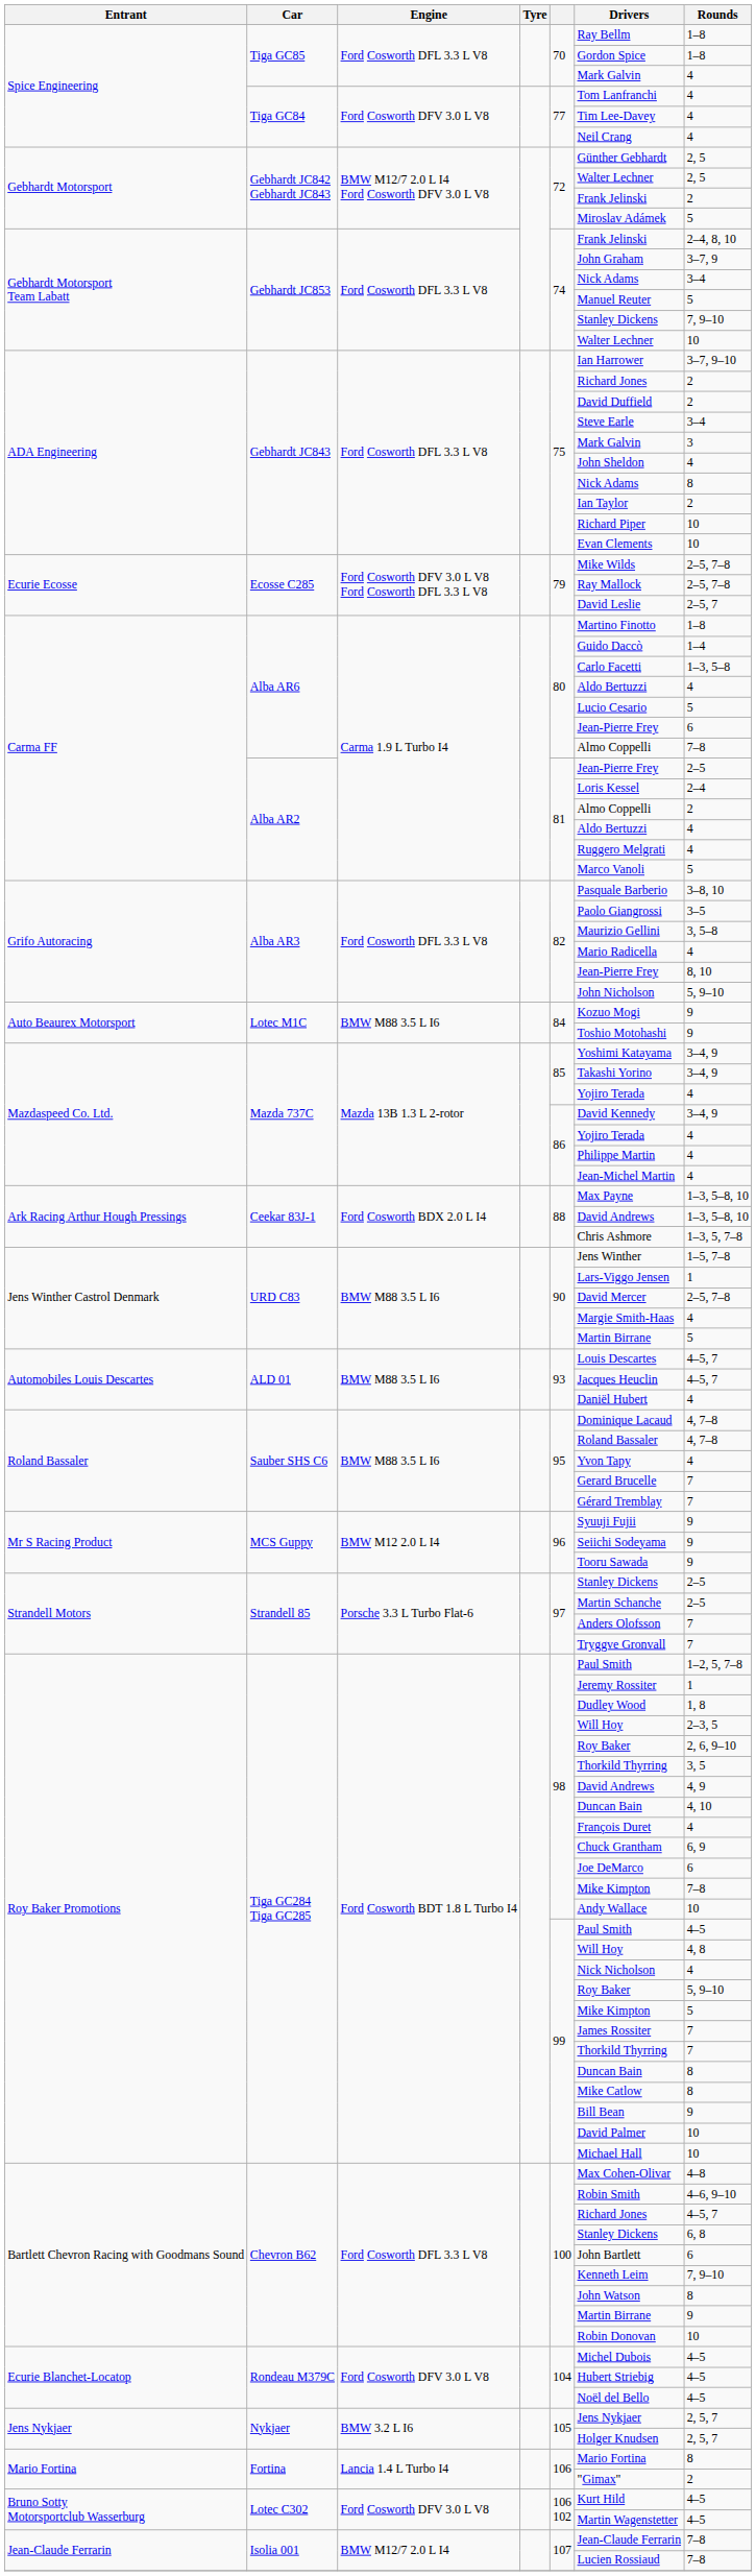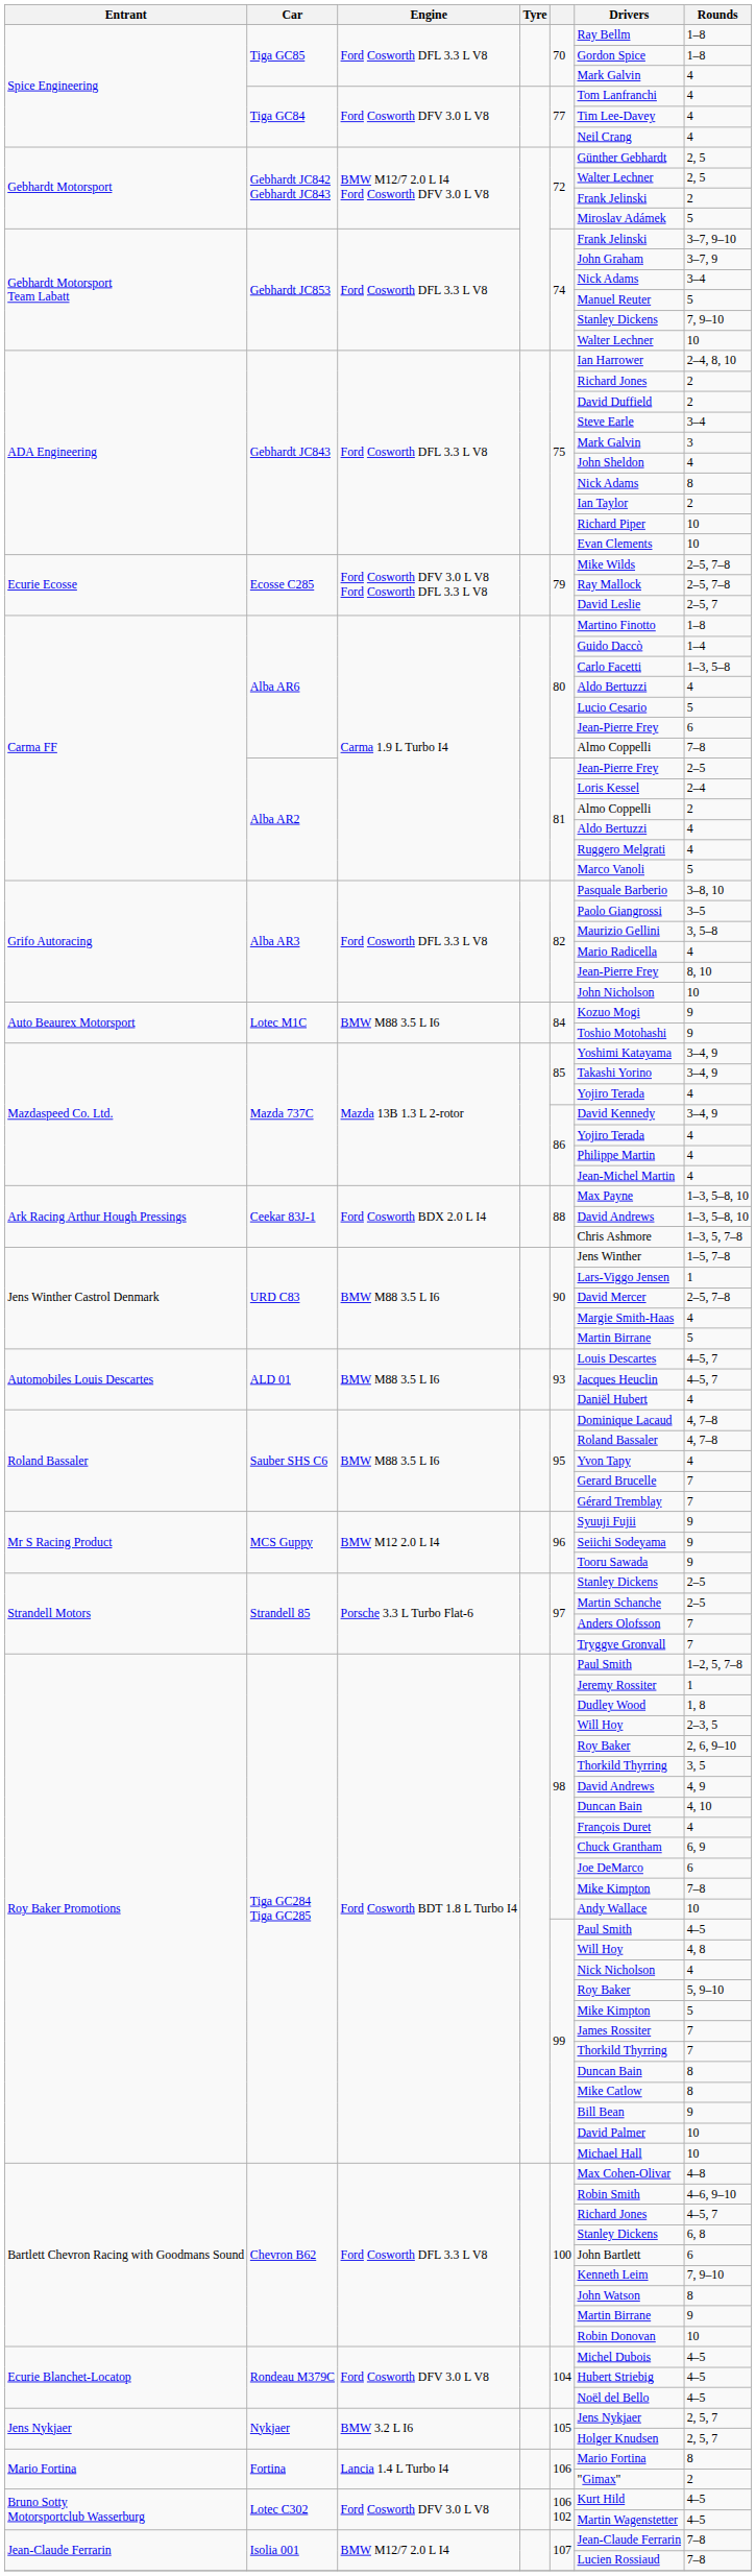 <table class="wikitable" style="font-size: 85%">
 <tr>
 <th>Entrant</th>
 <th>Car</th>
 <th>Engine</th>
 <th>Tyre</th>
 <th></th>
 <th>Drivers</th>
 <th>Rounds</th>
 </tr>
 <tr>
 <td rowspan=6> <a href='#'>Spice Engineering</a></td>
 <td rowspan=3><a href='#'>Tiga GC85</a></td>
 <td rowspan=3><a href='#'>Ford</a> <a href='#'>Cosworth</a> DFL 3.3 L V8</td>
 <td rowspan=3></td>
 <td rowspan=3>70</td>
 <td> <a href='#'>Ray Bellm</a></td>
 <td>1–8</td>
 </tr>
 <tr>
 <td> <a href='#'>Gordon Spice</a></td>
 <td>1–8</td>
 </tr>
 <tr>
 <td> <a href='#'>Mark Galvin</a></td>
 <td>4</td>
 </tr>
 <tr>
 <td rowspan=3><a href='#'>Tiga GC84</a></td>
 <td rowspan=3><a href='#'>Ford</a> <a href='#'>Cosworth</a> DFV 3.0 L V8</td>
 <td rowspan=3></td>
 <td rowspan=3>77</td>
 <td> <a href='#'>Tom Lanfranchi</a></td>
 <td>4</td>
 </tr>
 <tr>
 <td> <a href='#'>Tim Lee-Davey</a></td>
 <td>4</td>
 </tr>
 <tr>
 <td> <a href='#'>Neil Crang</a></td>
 <td>4</td>
 </tr>
 <tr>
 <td rowspan=4> <a href='#'>Gebhardt Motorsport</a></td>
 <td rowspan=4><a href='#'>Gebhardt JC842</a><br><a href='#'>Gebhardt JC843</a></td>
 <td rowspan=4><a href='#'>BMW</a> M12/7 2.0 L I4<br><a href='#'>Ford</a> <a href='#'>Cosworth</a> DFV 3.0 L V8</td>
 <td rowspan=10></td>
 <td rowspan=4>72</td>
 <td> <a href='#'>Günther Gebhardt</a></td>
 <td>2, 5</td>
 </tr>
 <tr>
 <td> <a href='#'>Walter Lechner</a></td>
 <td>2, 5</td>
 </tr>
 <tr>
 <td> <a href='#'>Frank Jelinski</a></td>
 <td>2</td>
 </tr>
 <tr>
 <td> <a href='#'>Miroslav Adámek</a></td>
 <td>5</td>
 </tr>
 <tr>
 <td rowspan=6> <a href='#'>Gebhardt Motorsport</a><br> <a href='#'>Team Labatt</a></td>
 <td rowspan=6><a href='#'>Gebhardt JC853</a></td>
 <td rowspan=6><a href='#'>Ford</a> <a href='#'>Cosworth</a> DFL 3.3 L V8</td>
 <td rowspan=6>74</td>
 <td> <a href='#'>Frank Jelinski</a></td>
-<td>2–4, 8, 10</td>
+<td>3–7, 9–10</td>
 </tr>
 <tr>
 <td> <a href='#'>John Graham</a></td>
 <td>3–7, 9</td>
 </tr>
 <tr>
 <td> <a href='#'>Nick Adams</a></td>
 <td>3–4</td>
 </tr>
 <tr>
 <td> <a href='#'>Manuel Reuter</a></td>
 <td>5</td>
 </tr>
 <tr>
 <td> <a href='#'>Stanley Dickens</a></td>
 <td>7, 9–10</td>
 </tr>
 <tr>
 <td> <a href='#'>Walter Lechner</a></td>
 <td>10</td>
 </tr>
 <tr>
 <td rowspan=10> <a href='#'>ADA Engineering</a></td>
 <td rowspan=10><a href='#'>Gebhardt JC843</a></td>
 <td rowspan=10><a href='#'>Ford</a> <a href='#'>Cosworth</a> DFL 3.3 L V8</td>
 <td rowspan=10></td>
 <td rowspan=10>75</td>
 <td> <a href='#'>Ian Harrower</a></td>
-<td>3–7, 9–10</td>
+<td>2–4, 8, 10</td>
 </tr>
 <tr>
 <td> <a href='#'>Richard Jones</a></td>
 <td>2</td>
 </tr>
 <tr>
 <td> <a href='#'>David Duffield</a></td>
 <td>2</td>
 </tr>
 <tr>
 <td> <a href='#'>Steve Earle</a></td>
 <td>3–4</td>
 </tr>
 <tr>
 <td> <a href='#'>Mark Galvin</a></td>
 <td>3</td>
 </tr>
 <tr>
 <td> <a href='#'>John Sheldon</a></td>
 <td>4</td>
 </tr>
 <tr>
 <td> <a href='#'>Nick Adams</a></td>
 <td>8</td>
 </tr>
 <tr>
 <td> <a href='#'>Ian Taylor</a></td>
 <td>2</td>
 </tr>
 <tr>
 <td> <a href='#'>Richard Piper</a></td>
 <td>10</td>
 </tr>
 <tr>
 <td> <a href='#'>Evan Clements</a></td>
 <td>10</td>
 </tr>
 <tr>
 <td rowspan=3> <a href='#'>Ecurie Ecosse</a></td>
 <td rowspan=3><a href='#'>Ecosse C285</a></td>
 <td rowspan=3><a href='#'>Ford</a> <a href='#'>Cosworth</a> DFV 3.0 L V8<br><a href='#'>Ford</a> <a href='#'>Cosworth</a> DFL 3.3 L V8</td>
 <td rowspan=3></td>
 <td rowspan=3>79</td>
 <td> <a href='#'>Mike Wilds</a></td>
 <td>2–5, 7–8</td>
 </tr>
 <tr>
 <td> <a href='#'>Ray Mallock</a></td>
 <td>2–5, 7–8</td>
 </tr>
 <tr>
 <td> <a href='#'>David Leslie</a></td>
 <td>2–5, 7</td>
 </tr>
 <tr>
 <td rowspan=13> <a href='#'>Carma FF</a></td>
 <td rowspan=7><a href='#'>Alba AR6</a></td>
 <td rowspan=13><a href='#'>Carma</a> 1.9 L Turbo I4</td>
 <td rowspan=13></td>
 <td rowspan=7>80</td>
 <td> <a href='#'>Martino Finotto</a></td>
 <td>1–8</td>
 </tr>
 <tr>
 <td> <a href='#'>Guido Daccò</a></td>
 <td>1–4</td>
 </tr>
 <tr>
 <td> <a href='#'>Carlo Facetti</a></td>
 <td>1–3, 5–8</td>
 </tr>
 <tr>
 <td> <a href='#'>Aldo Bertuzzi</a></td>
 <td>4</td>
 </tr>
 <tr>
 <td> <a href='#'>Lucio Cesario</a></td>
 <td>5</td>
 </tr>
 <tr>
 <td> <a href='#'>Jean-Pierre Frey</a></td>
 <td>6</td>
 </tr>
 <tr>
 <td> Almo Coppelli</td>
 <td>7–8</td>
 </tr>
 <tr>
 <td rowspan=6><a href='#'>Alba AR2</a></td>
 <td rowspan=6>81</td>
 <td> <a href='#'>Jean-Pierre Frey</a></td>
 <td>2–5</td>
 </tr>
 <tr>
 <td> <a href='#'>Loris Kessel</a></td>
 <td>2–4</td>
 </tr>
 <tr>
 <td> Almo Coppelli</td>
 <td>2</td>
 </tr>
 <tr>
 <td> <a href='#'>Aldo Bertuzzi</a></td>
 <td>4</td>
 </tr>
 <tr>
 <td> <a href='#'>Ruggero Melgrati</a></td>
 <td>4</td>
 </tr>
 <tr>
 <td> <a href='#'>Marco Vanoli</a></td>
 <td>5</td>
 </tr>
 <tr>
 <td rowspan=6> <a href='#'>Grifo Autoracing</a></td>
 <td rowspan=6><a href='#'>Alba AR3</a></td>
 <td rowspan=6><a href='#'>Ford</a> <a href='#'>Cosworth</a> DFL 3.3 L V8</td>
 <td rowspan=6></td>
 <td rowspan=6>82</td>
 <td> <a href='#'>Pasquale Barberio</a></td>
 <td>3–8, 10</td>
 </tr>
 <tr>
 <td> <a href='#'>Paolo Giangrossi</a></td>
 <td>3–5</td>
 </tr>
 <tr>
 <td> <a href='#'>Maurizio Gellini</a></td>
 <td>3, 5–8</td>
 </tr>
 <tr>
 <td> <a href='#'>Mario Radicella</a></td>
 <td>4</td>
 </tr>
 <tr>
 <td> <a href='#'>Jean-Pierre Frey</a></td>
 <td>8, 10</td>
 </tr>
 <tr>
 <td> <a href='#'>John Nicholson</a></td>
-<td>5, 9–10</td>
+<td>10</td>
 </tr>
 <tr>
 <td rowspan=2> <a href='#'>Auto Beaurex Motorsport</a></td>
 <td rowspan=2><a href='#'>Lotec M1C</a></td>
 <td rowspan=2><a href='#'>BMW</a> M88 3.5 L I6</td>
 <td rowspan=2></td>
 <td rowspan=2>84</td>
 <td> <a href='#'>Kozuo Mogi</a></td>
 <td>9</td>
 </tr>
 <tr>
 <td> <a href='#'>Toshio Motohashi</a></td>
 <td>9</td>
 </tr>
 <tr>
 <td rowspan=7> <a href='#'>Mazdaspeed Co. Ltd.</a></td>
 <td rowspan=7><a href='#'>Mazda 737C</a></td>
 <td rowspan=7><a href='#'>Mazda</a> 13B 1.3 L 2-rotor</td>
 <td rowspan=7></td>
 <td rowspan=3>85</td>
 <td> <a href='#'>Yoshimi Katayama</a></td>
 <td>3–4, 9</td>
 </tr>
 <tr>
 <td> <a href='#'>Takashi Yorino</a></td>
 <td>3–4, 9</td>
 </tr>
 <tr>
 <td> <a href='#'>Yojiro Terada</a></td>
 <td>4</td>
 </tr>
 <tr>
 <td rowspan=4>86</td>
 <td> <a href='#'>David Kennedy</a></td>
 <td>3–4, 9</td>
 </tr>
 <tr>
 <td> <a href='#'>Yojiro Terada</a></td>
 <td>4</td>
 </tr>
 <tr>
 <td> <a href='#'>Philippe Martin</a></td>
 <td>4</td>
 </tr>
 <tr>
 <td> <a href='#'>Jean-Michel Martin</a></td>
 <td>4</td>
 </tr>
 <tr>
 <td rowspan=3> <a href='#'>Ark Racing Arthur Hough Pressings</a></td>
 <td rowspan=3><a href='#'>Ceekar 83J-1</a></td>
 <td rowspan=3><a href='#'>Ford</a> <a href='#'>Cosworth</a> BDX 2.0 L I4</td>
 <td rowspan=3></td>
 <td rowspan=3>88</td>
 <td> <a href='#'>Max Payne</a></td>
 <td>1–3, 5–8, 10</td>
 </tr>
 <tr>
 <td> <a href='#'>David Andrews</a></td>
 <td>1–3, 5–8, 10</td>
 </tr>
 <tr>
 <td> Chris Ashmore</td>
 <td>1–3, 5, 7–8</td>
 </tr>
 <tr>
 <td rowspan=5> Jens Winther Castrol Denmark</td>
 <td rowspan=5><a href='#'>URD C83</a></td>
 <td rowspan=5><a href='#'>BMW</a> M88 3.5 L I6</td>
 <td rowspan=5></td>
 <td rowspan=5>90</td>
 <td> Jens Winther</td>
 <td>1–5, 7–8</td>
 </tr>
 <tr>
 <td> <a href='#'>Lars-Viggo Jensen</a></td>
 <td>1</td>
 </tr>
 <tr>
 <td> <a href='#'>David Mercer</a></td>
 <td>2–5, 7–8</td>
 </tr>
 <tr>
 <td> <a href='#'>Margie Smith-Haas</a></td>
 <td>4</td>
 </tr>
 <tr>
 <td> <a href='#'>Martin Birrane</a></td>
 <td>5</td>
 </tr>
 <tr>
 <td rowspan=3> <a href='#'>Automobiles Louis Descartes</a></td>
 <td rowspan=3><a href='#'>ALD 01</a></td>
 <td rowspan=3><a href='#'>BMW</a> M88 3.5 L I6</td>
 <td rowspan=3></td>
 <td rowspan=3>93</td>
 <td> <a href='#'>Louis Descartes</a></td>
 <td>4–5, 7</td>
 </tr>
 <tr>
 <td> <a href='#'>Jacques Heuclin</a></td>
 <td>4–5, 7</td>
 </tr>
 <tr>
 <td> <a href='#'>Daniël Hubert</a></td>
 <td>4</td>
 </tr>
 <tr>
 <td rowspan=5> <a href='#'>Roland Bassaler</a></td>
 <td rowspan=5><a href='#'>Sauber SHS C6</a></td>
 <td rowspan=5><a href='#'>BMW</a> M88 3.5 L I6</td>
 <td rowspan=5></td>
 <td rowspan=5>95</td>
 <td> <a href='#'>Dominique Lacaud</a></td>
 <td>4, 7–8</td>
 </tr>
 <tr>
 <td> <a href='#'>Roland Bassaler</a></td>
 <td>4, 7–8</td>
 </tr>
 <tr>
 <td> <a href='#'>Yvon Tapy</a></td>
 <td>4</td>
 </tr>
 <tr>
 <td> <a href='#'>Gerard Brucelle</a></td>
 <td>7</td>
 </tr>
 <tr>
 <td> <a href='#'>Gérard Tremblay</a></td>
 <td>7</td>
 </tr>
 <tr>
 <td rowspan=3> <a href='#'>Mr S Racing Product</a></td>
 <td rowspan=3><a href='#'>MCS Guppy</a></td>
 <td rowspan=3><a href='#'>BMW</a> M12 2.0 L I4</td>
 <td rowspan=3></td>
 <td rowspan=3>96</td>
 <td> <a href='#'>Syuuji Fujii</a></td>
 <td>9</td>
 </tr>
 <tr>
 <td> <a href='#'>Seiichi Sodeyama</a></td>
 <td>9</td>
 </tr>
 <tr>
 <td> <a href='#'>Tooru Sawada</a></td>
 <td>9</td>
 </tr>
 <tr>
 <td rowspan=4> <a href='#'>Strandell Motors</a></td>
 <td rowspan=4><a href='#'>Strandell 85</a></td>
 <td rowspan=4><a href='#'>Porsche</a> 3.3 L Turbo Flat-6</td>
 <td rowspan=4></td>
 <td rowspan=4>97</td>
 <td> <a href='#'>Stanley Dickens</a></td>
 <td>2–5</td>
 </tr>
 <tr>
 <td> <a href='#'>Martin Schanche</a></td>
 <td>2–5</td>
 </tr>
 <tr>
 <td> <a href='#'>Anders Olofsson</a></td>
 <td>7</td>
 </tr>
 <tr>
 <td> <a href='#'>Tryggve Gronvall</a></td>
 <td>7</td>
 </tr>
 <tr>
 <td rowspan=25> <a href='#'>Roy Baker Promotions</a></td>
 <td rowspan=25><a href='#'>Tiga GC284</a><br><a href='#'>Tiga GC285</a></td>
 <td rowspan=25><a href='#'>Ford</a> <a href='#'>Cosworth</a> BDT 1.8 L Turbo I4</td>
 <td rowspan=25></td>
 <td rowspan=13>98</td>
 <td> <a href='#'>Paul Smith</a></td>
 <td>1–2, 5, 7–8</td>
 </tr>
 <tr>
 <td> <a href='#'>Jeremy Rossiter</a></td>
 <td>1</td>
 </tr>
 <tr>
 <td> <a href='#'>Dudley Wood</a></td>
 <td>1, 8</td>
 </tr>
 <tr>
 <td> <a href='#'>Will Hoy</a></td>
 <td>2–3, 5</td>
 </tr>
 <tr>
 <td> <a href='#'>Roy Baker</a></td>
 <td>2, 6, 9–10</td>
 </tr>
 <tr>
 <td> <a href='#'>Thorkild Thyrring</a></td>
 <td>3, 5</td>
 </tr>
 <tr>
 <td> <a href='#'>David Andrews</a></td>
 <td>4, 9</td>
 </tr>
 <tr>
 <td> <a href='#'>Duncan Bain</a></td>
 <td>4, 10</td>
 </tr>
 <tr>
 <td> <a href='#'>François Duret</a></td>
 <td>4</td>
 </tr>
 <tr>
 <td> <a href='#'>Chuck Grantham</a></td>
 <td>6, 9</td>
 </tr>
 <tr>
 <td> <a href='#'>Joe DeMarco</a></td>
 <td>6</td>
 </tr>
 <tr>
 <td> <a href='#'>Mike Kimpton</a></td>
 <td>7–8</td>
 </tr>
 <tr>
 <td> <a href='#'>Andy Wallace</a></td>
 <td>10</td>
 </tr>
 <tr>
 <td rowspan=12>99</td>
 <td> <a href='#'>Paul Smith</a></td>
 <td>4–5</td>
 </tr>
 <tr>
 <td> <a href='#'>Will Hoy</a></td>
 <td>4, 8</td>
 </tr>
 <tr>
 <td> <a href='#'>Nick Nicholson</a></td>
 <td>4</td>
 </tr>
 <tr>
 <td> <a href='#'>Roy Baker</a></td>
 <td>5, 9–10</td>
 </tr>
 <tr>
 <td> <a href='#'>Mike Kimpton</a></td>
 <td>5</td>
 </tr>
 <tr>
 <td> <a href='#'>James Rossiter</a></td>
 <td>7</td>
 </tr>
 <tr>
 <td> <a href='#'>Thorkild Thyrring</a></td>
 <td>7</td>
 </tr>
 <tr>
 <td> <a href='#'>Duncan Bain</a></td>
 <td>8</td>
 </tr>
 <tr>
 <td> <a href='#'>Mike Catlow</a></td>
 <td>8</td>
 </tr>
 <tr>
 <td> <a href='#'>Bill Bean</a></td>
 <td>9</td>
 </tr>
 <tr>
 <td> <a href='#'>David Palmer</a></td>
 <td>10</td>
 </tr>
 <tr>
 <td> <a href='#'>Michael Hall</a></td>
 <td>10</td>
 </tr>
 <tr>
 <td rowspan=9> Bartlett Chevron Racing with Goodmans Sound</td>
 <td rowspan=9><a href='#'>Chevron B62</a></td>
 <td rowspan=9><a href='#'>Ford</a> <a href='#'>Cosworth</a> DFL 3.3 L V8</td>
 <td rowspan=9></td>
 <td rowspan=9>100</td>
 <td> <a href='#'>Max Cohen-Olivar</a></td>
 <td>4–8</td>
 </tr>
 <tr>
 <td> <a href='#'>Robin Smith</a></td>
 <td>4–6, 9–10</td>
 </tr>
 <tr>
 <td> <a href='#'>Richard Jones</a></td>
 <td>4–5, 7</td>
 </tr>
 <tr>
 <td> <a href='#'>Stanley Dickens</a></td>
 <td>6, 8</td>
 </tr>
 <tr>
 <td> John Bartlett</td>
 <td>6</td>
 </tr>
 <tr>
 <td> <a href='#'>Kenneth Leim</a></td>
 <td>7, 9–10</td>
 </tr>
 <tr>
 <td> <a href='#'>John Watson</a></td>
 <td>8</td>
 </tr>
 <tr>
 <td> <a href='#'>Martin Birrane</a></td>
 <td>9</td>
 </tr>
 <tr>
 <td> <a href='#'>Robin Donovan</a></td>
 <td>10</td>
 </tr>
 <tr>
 <td rowspan=3> <a href='#'>Ecurie Blanchet-Locatop</a></td>
 <td rowspan=3><a href='#'>Rondeau M379C</a></td>
 <td rowspan=3><a href='#'>Ford</a> <a href='#'>Cosworth</a> DFV 3.0 L V8</td>
 <td rowspan=3></td>
 <td rowspan=3>104</td>
 <td> <a href='#'>Michel Dubois</a></td>
 <td>4–5</td>
 </tr>
 <tr>
 <td> <a href='#'>Hubert Striebig</a></td>
 <td>4–5</td>
 </tr>
 <tr>
 <td> <a href='#'>Noël del Bello</a></td>
 <td>4–5</td>
 </tr>
 <tr>
 <td rowspan=2> <a href='#'>Jens Nykjaer</a></td>
 <td rowspan=2><a href='#'>Nykjaer</a></td>
 <td rowspan=2><a href='#'>BMW</a> 3.2 L I6</td>
 <td rowspan=2></td>
 <td rowspan=2>105</td>
 <td> <a href='#'>Jens Nykjaer</a></td>
 <td>2, 5, 7</td>
 </tr>
 <tr>
 <td> <a href='#'>Holger Knudsen</a></td>
 <td>2, 5, 7</td>
 </tr>
 <tr>
 <td rowspan=2> <a href='#'>Mario Fortina</a></td>
 <td rowspan=2><a href='#'>Fortina</a></td>
 <td rowspan=2><a href='#'>Lancia</a> 1.4 L Turbo I4</td>
 <td rowspan=2></td>
 <td rowspan=2>106</td>
 <td> <a href='#'>Mario Fortina</a></td>
 <td>8</td>
 </tr>
 <tr>
 <td> "<a href='#'>Gimax</a>"</td>
 <td>2</td>
 </tr>
 <tr>
 <td rowspan=2> <a href='#'>Bruno Sotty</a><br> <a href='#'>Motorsportclub Wasserburg</a></td>
 <td rowspan=2><a href='#'>Lotec C302</a></td>
 <td rowspan=2><a href='#'>Ford</a> <a href='#'>Cosworth</a> DFV 3.0 L V8</td>
 <td rowspan=2></td>
 <td rowspan=2>106<br>102</td>
 <td> <a href='#'>Kurt Hild</a></td>
 <td>4–5</td>
 </tr>
 <tr>
 <td> <a href='#'>Martin Wagenstetter</a></td>
 <td>4–5</td>
 </tr>
 <tr>
 <td rowspan=2> <a href='#'>Jean-Claude Ferrarin</a></td>
 <td rowspan=2><a href='#'>Isolia 001</a></td>
 <td rowspan=2><a href='#'>BMW</a> M12/7 2.0 L I4</td>
 <td rowspan=2></td>
 <td rowspan=2>107</td>
 <td> <a href='#'>Jean-Claude Ferrarin</a></td>
 <td>7–8</td>
 </tr>
 <tr>
 <td> <a href='#'>Lucien Rossiaud</a></td>
 <td>7–8</td>
 </tr>
 <tr>
 </tr>
 </table>
